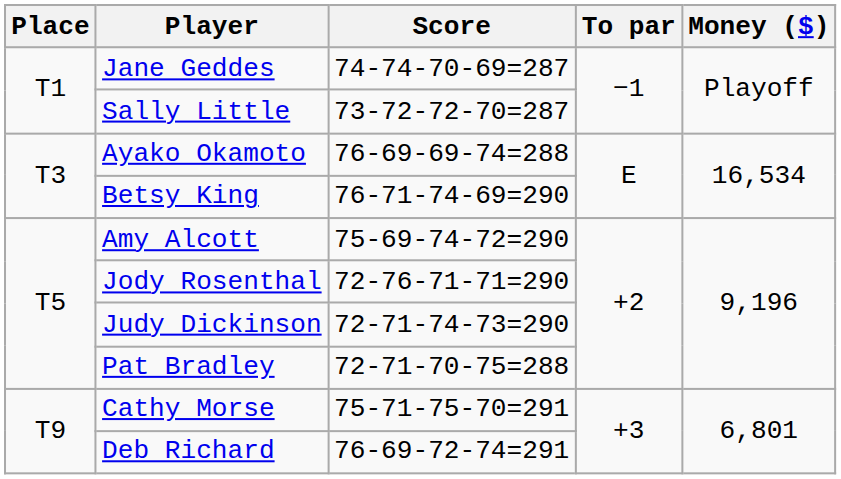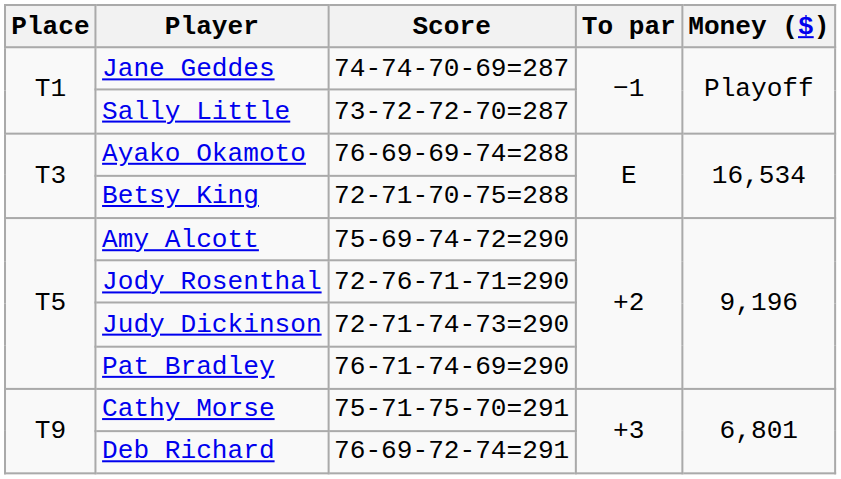 <table class=wikitable style="text-align:center">
 <tr>
 <th>Place</th>
 <th>Player</th>
 <th>Score</th>
 <th>To par</th>
 <th>Money (<a href='#'>$</a>)</th>
 </tr>
 <tr>
 <td rowspan=2>T1</td>
 <td align=left> <a href='#'>Jane Geddes</a></td>
 <td>74-74-70-69=287</td>
 <td rowspan=2>−1</td>
 <td rowspan=2>Playoff</td>
 </tr>
 <tr>
 <td align=left> <a href='#'>Sally Little</a></td>
 <td>73-72-72-70=287</td>
 </tr>
 <tr>
 <td rowspan=2>T3</td>
 <td align=left> <a href='#'>Ayako Okamoto</a></td>
 <td>76-69-69-74=288</td>
 <td rowspan=2>E</td>
 <td rowspan=2>16,534</td>
 </tr>
 <tr>
 <td align=left> <a href='#'>Betsy King</a></td>
-<td>76-71-74-69=290</td>
+<td>72-71-70-75=288</td>
 </tr>
 <tr>
 <td rowspan=4>T5</td>
 <td align=left> <a href='#'>Amy Alcott</a></td>
 <td>75-69-74-72=290</td>
 <td rowspan=4>+2</td>
 <td rowspan=4>9,196</td>
 </tr>
 <tr>
 <td align=left> <a href='#'>Jody Rosenthal</a></td>
 <td>72-76-71-71=290</td>
 </tr>
 <tr>
 <td align=left> <a href='#'>Judy Dickinson</a></td>
 <td>72-71-74-73=290</td>
 </tr>
 <tr>
 <td align=left> <a href='#'>Pat Bradley</a></td>
-<td>72-71-70-75=288</td>
+<td>76-71-74-69=290</td>
 </tr>
 <tr>
 <td rowspan=2>T9</td>
 <td align=left> <a href='#'>Cathy Morse</a></td>
 <td>75-71-75-70=291</td>
 <td rowspan=2>+3</td>
 <td rowspan=2>6,801</td>
 </tr>
 <tr>
 <td align=left> <a href='#'>Deb Richard</a></td>
 <td>76-69-72-74=291</td>
 </tr>
 </table>
